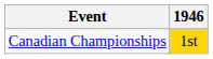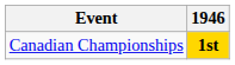 <table class="wikitable">
 <tr>
 <th>Event</th>
 <th>1946</th>
 </tr>
 <tr>
 <td><a href='#'>Canadian Championships</a></td>
-<td align="center" bgcolor="gold">1st</td>
+<td align="center" bgcolor="gold"><strong>1st</strong></td>
 </tr>
 </table>
